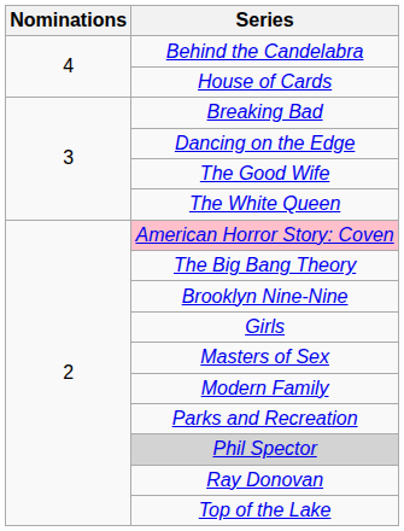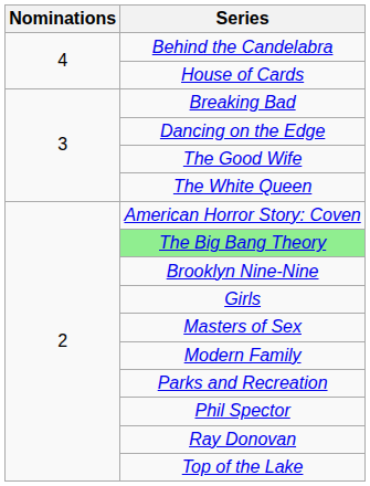 <table class="wikitable" style="text-align: center">
 <tr>
 <th scope="col" width="55">Nominations</th>
 <th scope="col" align="center">Series</th>
 </tr>
 <tr>
 <td rowspan=2 style="text-align:center">4</td>
 <td><em><a href='#'>Behind the Candelabra</a></em></td>
 </tr>
 <tr>
 <td><em><a href='#'>House of Cards</a></em></td>
 </tr>
 <tr>
 <td rowspan=4 style="text-align:center">3</td>
 <td><em><a href='#'>Breaking Bad</a></em></td>
 </tr>
 <tr>
 <td><em><a href='#'>Dancing on the Edge</a></em></td>
 </tr>
 <tr>
 <td><em><a href='#'>The Good Wife</a></em></td>
 </tr>
 <tr>
 <td><em><a href='#'>The White Queen</a></em></td>
 </tr>
 <tr>
 <td rowspan=10 style="text-align:center">2</td>
-<td style="background: pink;"><em><a href='#'>American Horror Story: Coven</a></em></td>
+<td><em><a href='#'>American Horror Story: Coven</a></em></td>
 </tr>
 <tr>
-<td><em><a href='#'>The Big Bang Theory</a></em></td>
+<td style="background: lightgreen;"><em><a href='#'>The Big Bang Theory</a></em></td>
 </tr>
 <tr>
 <td><em><a href='#'>Brooklyn Nine-Nine</a></em></td>
 </tr>
 <tr>
 <td><em><a href='#'>Girls</a></em></td>
 </tr>
 <tr>
 <td><em><a href='#'>Masters of Sex</a></em></td>
 </tr>
 <tr>
 <td><em><a href='#'>Modern Family</a></em></td>
 </tr>
 <tr>
 <td><em><a href='#'>Parks and Recreation</a></em></td>
 </tr>
 <tr>
-<td style="background: lightgrey;"><em><a href='#'>Phil Spector</a></em></td>
+<td><em><a href='#'>Phil Spector</a></em></td>
 </tr>
 <tr>
 <td><em><a href='#'>Ray Donovan</a></em></td>
 </tr>
 <tr>
 <td><em><a href='#'>Top of the Lake</a></em></td>
 </tr>
 </table>
